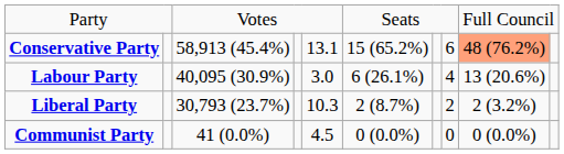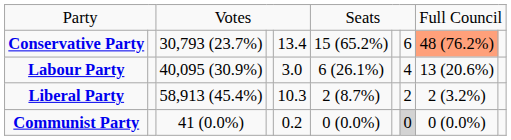 <table class=wikitable style="text-align:center;">
 <tr>
 <td colspan=2>Party</td>
 <td colspan=3>Votes</td>
 <td colspan=3>Seats</td>
 <td colspan=3>Full Council</td>
 </tr>
 <tr>
 <td><strong><a href='#'>Conservative Party</a></strong></td>
 <td style="background:"></td>
-<td>58,913 (45.4%)</td>
+<td>30,793 (23.7%)</td>
 <td></td>
-<td> 13.1</td>
+<td> 13.4</td>
 <td>15 (65.2%)</td>
 <td></td>
 <td> 6</td>
 <td style="background: lightsalmon;">48 (76.2%)</td>
 <td></td>
 </tr>
 <tr>
 <td><strong><a href='#'>Labour Party</a></strong></td>
 <td style="background:"></td>
 <td>40,095 (30.9%)</td>
 <td></td>
 <td> 3.0</td>
 <td>6 (26.1%)</td>
 <td></td>
 <td> 4</td>
 <td>13 (20.6%)</td>
 <td></td>
 </tr>
 <tr>
 <td><strong><a href='#'>Liberal Party</a></strong></td>
 <td style="background:"></td>
-<td>30,793 (23.7%)</td>
+<td>58,913 (45.4%)</td>
 <td></td>
 <td> 10.3</td>
 <td>2 (8.7%)</td>
 <td></td>
 <td> 2</td>
 <td>2 (3.2%)</td>
 <td></td>
 </tr>
 <tr>
 <td><strong><a href='#'>Communist Party</a></strong></td>
 <td style="background:"></td>
 <td>41 (0.0%)</td>
 <td></td>
-<td> 4.5</td>
+<td> 0.2</td>
 <td>0  (0.0%)</td>
 <td></td>
-<td> 0</td>
+<td style="background: lightgrey;"> 0</td>
 <td>0 (0.0%)</td>
 <td></td>
 </tr>
 </table>
